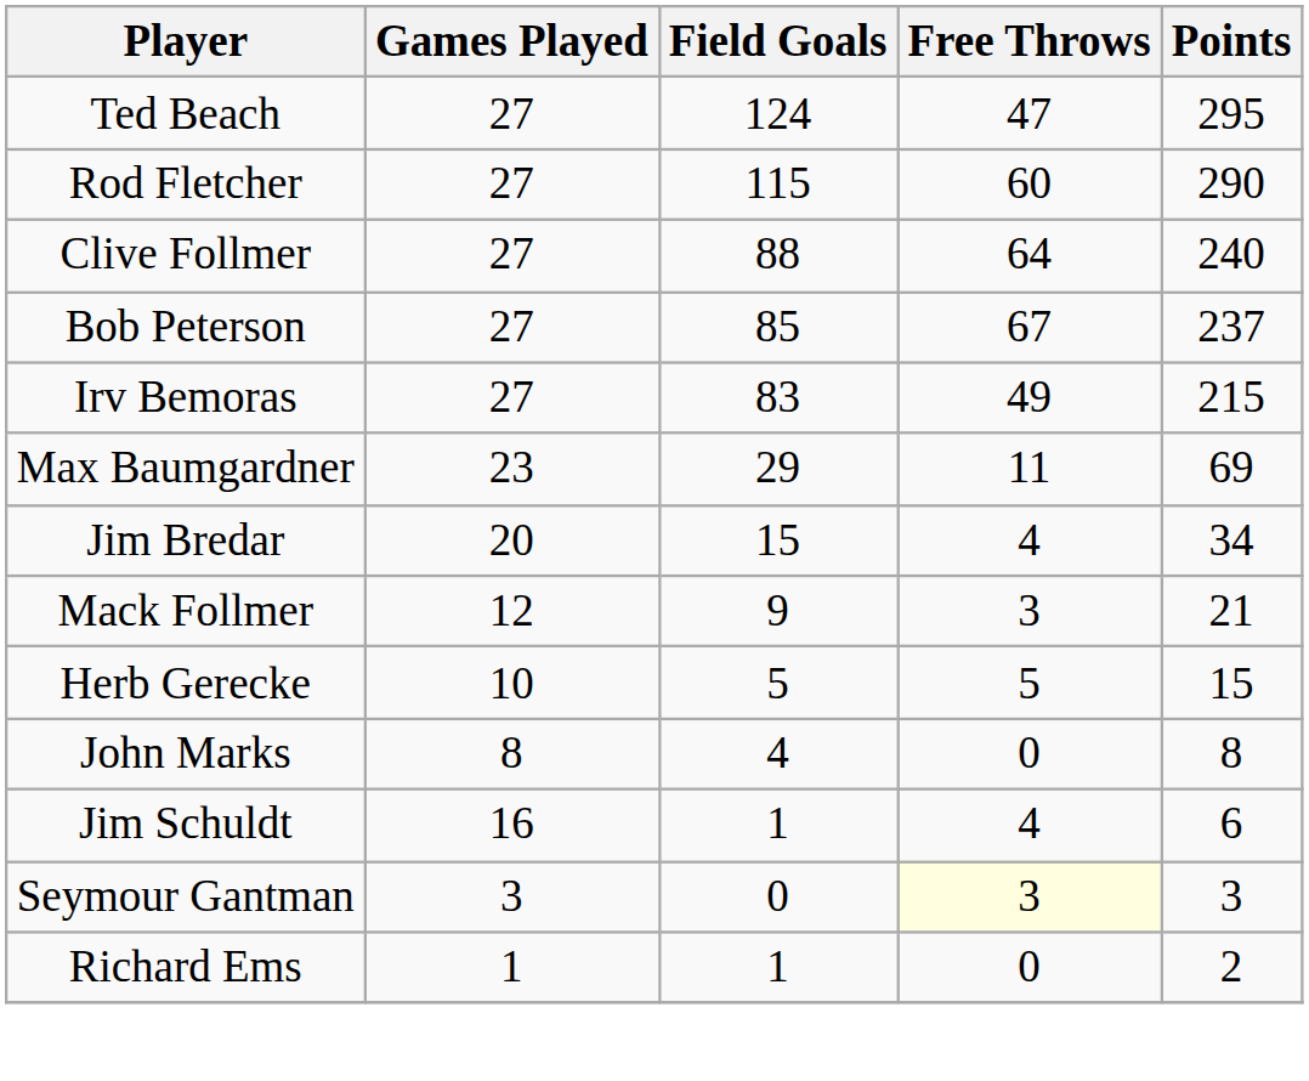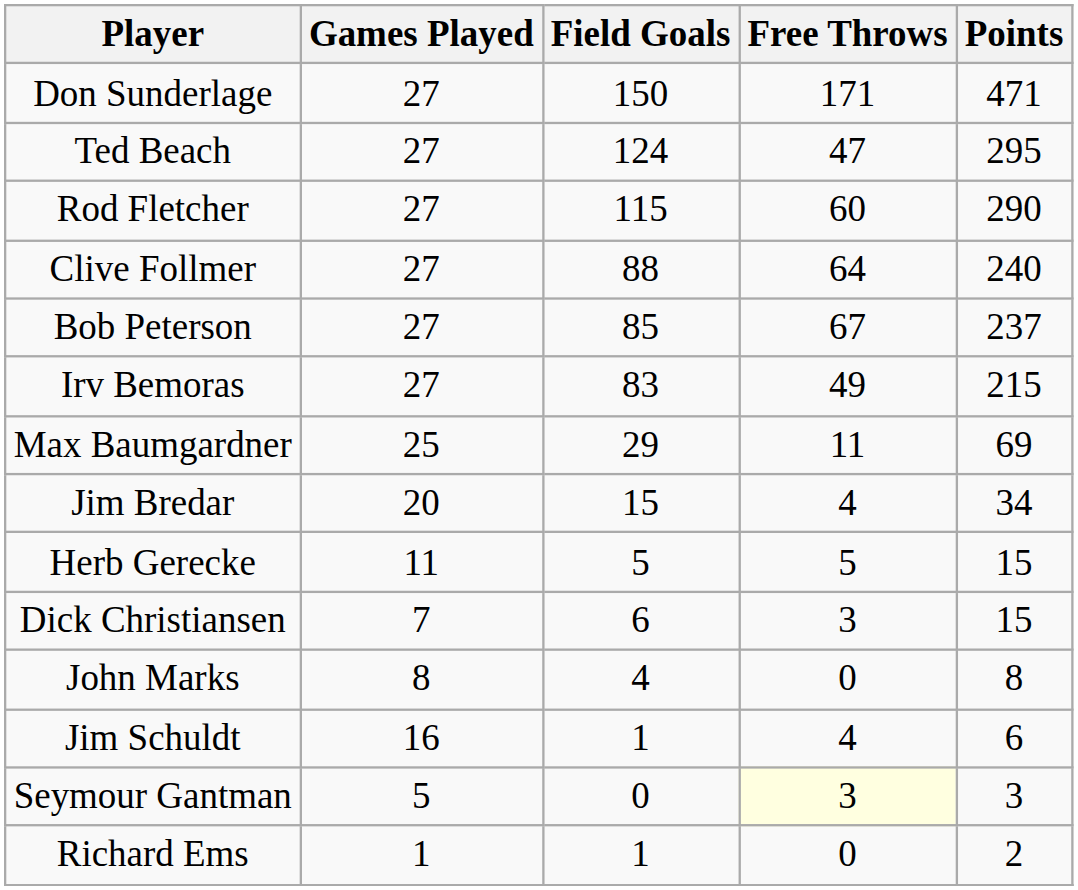 <table class="wikitable sortable" style="text-align:center">
 <tr>
 <th>Player</th>
 <th>Games Played</th>
 <th>Field Goals</th>
 <th>Free Throws</th>
 <th>Points</th>
+</tr>
+<tr>
+<td>Don Sunderlage</td>
+<td>27</td>
+<td>150</td>
+<td>171</td>
+<td>471</td>
 </tr>
 <tr>
 <td>Ted Beach</td>
 <td>27</td>
 <td>124</td>
 <td>47</td>
 <td>295</td>
 </tr>
 <tr>
 <td>Rod Fletcher</td>
 <td>27</td>
 <td>115</td>
 <td>60</td>
 <td>290</td>
 </tr>
 <tr>
 <td>Clive Follmer</td>
 <td>27</td>
 <td>88</td>
 <td>64</td>
 <td>240</td>
 </tr>
 <tr>
 <td>Bob Peterson</td>
 <td>27</td>
 <td>85</td>
 <td>67</td>
 <td>237</td>
 </tr>
 <tr>
 <td>Irv Bemoras</td>
 <td>27</td>
 <td>83</td>
 <td>49</td>
 <td>215</td>
 </tr>
 <tr>
 <td>Max Baumgardner</td>
-<td>23</td>
+<td>25</td>
 <td>29</td>
 <td>11</td>
 <td>69</td>
 </tr>
 <tr>
 <td>Jim Bredar</td>
 <td>20</td>
 <td>15</td>
 <td>4</td>
 <td>34</td>
 </tr>
 <tr>
-<td>Mack Follmer</td>
-<td>12</td>
-<td>9</td>
-<td>3</td>
-<td>21</td>
+<td>Herb Gerecke</td>
+<td>11</td>
+<td>5</td>
+<td>5</td>
+<td>15</td>
 </tr>
 <tr>
-<td>Herb Gerecke</td>
-<td>10</td>
-<td>5</td>
-<td>5</td>
+<td>Dick Christiansen</td>
+<td>7</td>
+<td>6</td>
+<td>3</td>
 <td>15</td>
 </tr>
 <tr>
 <td>John Marks</td>
 <td>8</td>
 <td>4</td>
 <td>0</td>
 <td>8</td>
 </tr>
 <tr>
 <td>Jim Schuldt</td>
 <td>16</td>
 <td>1</td>
 <td>4</td>
 <td>6</td>
 </tr>
 <tr>
 <td>Seymour Gantman</td>
-<td>3</td>
+<td>5</td>
 <td>0</td>
 <td style="background: lightyellow;">3</td>
 <td>3</td>
 </tr>
 <tr>
 <td>Richard Ems</td>
 <td>1</td>
 <td>1</td>
 <td>0</td>
 <td>2</td>
 </tr>
 <tr>
 </tr>
 </table>
